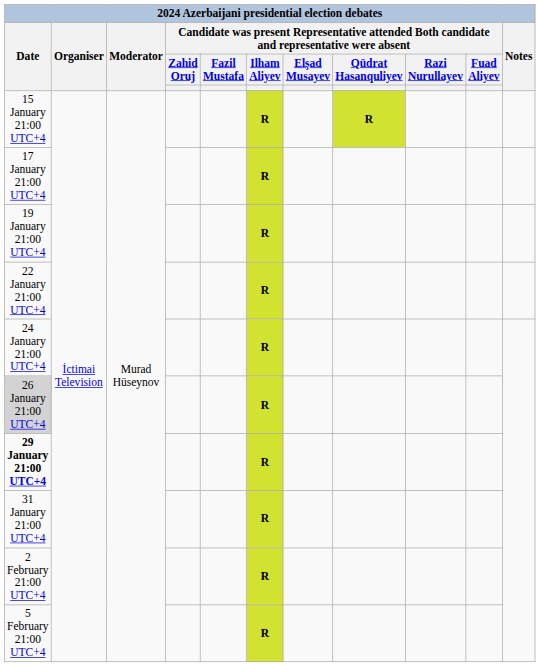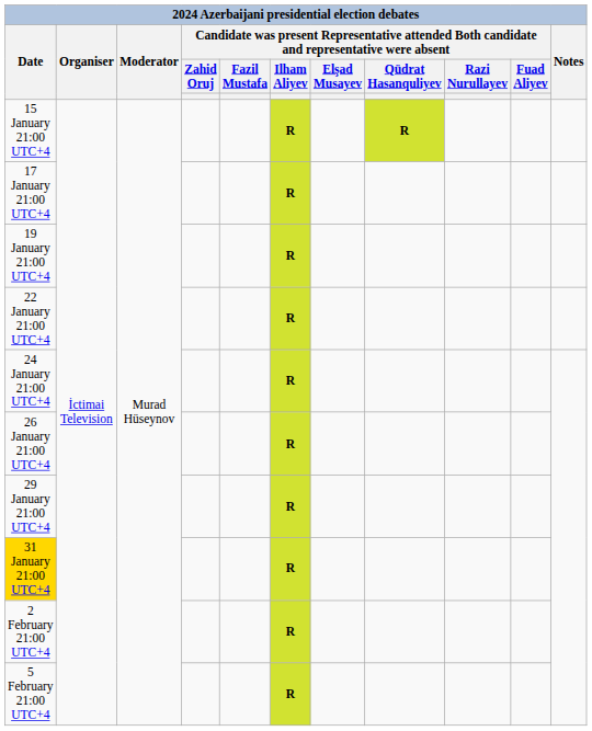 <table class="wikitable collapsible" style="font-size:100%;text-align:center;">
 <tr>
 <th colspan="12" style="background:#B0C4DE;">2024 Azerbaijani presidential election debates</th>
 </tr>
 <tr>
 <th style="white-space:nowrap;" rowspan="3">Date</th>
 <th rowspan="3">Organiser</th>
 <th rowspan="3">Moderator</th>
 <th scope="col" colspan="7"> Candidate was present  Representative attended  Both candidate and representative were absent</th>
 <th rowspan="3">Notes</th>
 </tr>
 <tr>
 <th scope="col" style="width:60px;"><a href='#'>Zahid Oruj</a></th>
 <th scope="col" style="width:60px;"><a href='#'>Fazil Mustafa</a></th>
 <th scope="col" style="width:60px;"><a href='#'>Ilham Aliyev</a></th>
 <th scope="col" style="width:60px;"><a href='#'>Elşad Musayev</a></th>
 <th scope="col" style="width:60px;"><a href='#'>Qüdrat Hasanquliyev</a></th>
 <th scope="col" style="width:60px;"><a href='#'>Razi Nurullayev</a></th>
 <th scope="col" style="width:60px;"><a href='#'>Fuad Aliyev</a></th>
 </tr>
 <tr>
 <th style="background:"></th>
 <th style="background:"></th>
 <th style="background:"></th>
 <th style="background:"></th>
 <th style="background:"></th>
 <th style="background:"></th>
 <th style="background:"></th>
 </tr>
 <tr>
 <td>15 January<br>21:00 <a href='#'>UTC+4</a></td>
 <td rowspan="11"><a href='#'>İctimai Television</a></td>
 <td rowspan="11">Murad Hüseynov</td>
 <td></td>
 <td></td>
 <th style="background:#D1E231;">R</th>
 <td></td>
 <th style="background:#D1E231;">R</th>
 <td></td>
 <td></td>
 <td></td>
 </tr>
 <tr>
 <td>17 January<br>21:00 <a href='#'>UTC+4</a></td>
 <td></td>
 <td></td>
 <th style="background:#D1E231;">R</th>
 <td></td>
 <td></td>
 <td></td>
 <td></td>
 <td></td>
 </tr>
 <tr>
 <td>19 January<br>21:00 <a href='#'>UTC+4</a></td>
 <td></td>
 <td></td>
 <th style="background:#D1E231;">R</th>
 <td></td>
 <td></td>
 <td></td>
 <td></td>
 <td></td>
 </tr>
 <tr>
 <td>22 January<br>21:00 <a href='#'>UTC+4</a></td>
 <td></td>
 <td></td>
 <th style="background:#D1E231;">R</th>
 <td></td>
 <td></td>
 <td></td>
 <td></td>
 <td></td>
 </tr>
 <tr>
 <td>24 January<br>21:00 <a href='#'>UTC+4</a></td>
 <td></td>
 <td></td>
 <th style="background:#D1E231;">R</th>
 <td></td>
 <td></td>
 <td></td>
 <td></td>
 </tr>
 <tr>
-<td style="background: lightgrey;">26 January<br>21:00 <a href='#'>UTC+4</a></td>
+<td>26 January<br>21:00 <a href='#'>UTC+4</a></td>
 <td></td>
 <td></td>
 <th style="background:#D1E231;">R</th>
 <td></td>
 <td></td>
 <td></td>
 <td></td>
 </tr>
 <tr>
-<td><strong>29 January<br>21:00 <a href='#'>UTC+4</a></strong></td>
+<td>29 January<br>21:00 <a href='#'>UTC+4</a></td>
 <td></td>
 <td></td>
 <th style="background:#D1E231;">R</th>
 <td></td>
 <td></td>
 <td></td>
 <td></td>
 </tr>
 <tr>
-<td>31 January<br>21:00 <a href='#'>UTC+4</a></td>
+<td style="background: gold;">31 January<br>21:00 <a href='#'>UTC+4</a></td>
 <td></td>
 <td></td>
 <th style="background:#D1E231;">R</th>
 <td></td>
 <td></td>
 <td></td>
 <td></td>
 </tr>
 <tr>
 <td>2 February<br>21:00 <a href='#'>UTC+4</a></td>
 <td></td>
 <td></td>
 <th style="background:#D1E231;">R</th>
 <td></td>
 <td></td>
 <td></td>
 <td></td>
 </tr>
 <tr>
 <td>5 February<br>21:00 <a href='#'>UTC+4</a></td>
 <td></td>
 <td></td>
 <th style="background:#D1E231;">R</th>
 <td></td>
 <td></td>
 <td></td>
 <td></td>
 </tr>
 </table>
